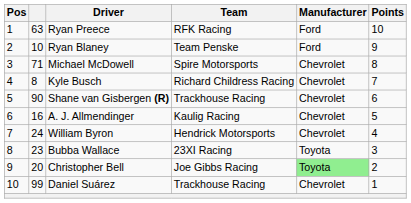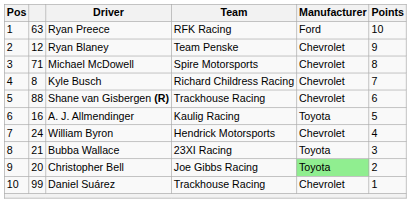 <table class="wikitable" style="font-size:98%">
 <tr>
 <th>Pos</th>
 <th></th>
 <th>Driver</th>
 <th>Team</th>
 <th>Manufacturer</th>
 <th>Points</th>
 </tr>
 <tr>
 <td>1</td>
 <td>63</td>
 <td>Ryan Preece</td>
 <td>RFK Racing</td>
 <td>Ford</td>
 <td>10</td>
 </tr>
 <tr>
 <td>2</td>
-<td>10</td>
+<td>12</td>
 <td>Ryan Blaney</td>
 <td>Team Penske</td>
-<td>Ford</td>
+<td>Chevrolet</td>
 <td>9</td>
 </tr>
 <tr>
 <td>3</td>
 <td>71</td>
 <td>Michael McDowell</td>
 <td>Spire Motorsports</td>
 <td>Chevrolet</td>
 <td>8</td>
 </tr>
 <tr>
 <td>4</td>
 <td>8</td>
 <td>Kyle Busch</td>
 <td>Richard Childress Racing</td>
 <td>Chevrolet</td>
 <td>7</td>
 </tr>
 <tr>
 <td>5</td>
-<td>90</td>
+<td>88</td>
 <td>Shane van Gisbergen <strong>(R)</strong></td>
 <td>Trackhouse Racing</td>
 <td>Chevrolet</td>
 <td>6</td>
 </tr>
 <tr>
 <td>6</td>
 <td>16</td>
 <td>A. J. Allmendinger</td>
 <td>Kaulig Racing</td>
-<td>Chevrolet</td>
+<td>Toyota</td>
 <td>5</td>
 </tr>
 <tr>
 <td>7</td>
 <td>24</td>
 <td>William Byron</td>
 <td>Hendrick Motorsports</td>
 <td>Chevrolet</td>
 <td>4</td>
 </tr>
 <tr>
 <td>8</td>
-<td>23</td>
+<td>21</td>
 <td>Bubba Wallace</td>
 <td>23XI Racing</td>
 <td>Toyota</td>
 <td>3</td>
 </tr>
 <tr>
 <td>9</td>
 <td>20</td>
 <td>Christopher Bell</td>
 <td>Joe Gibbs Racing</td>
 <td style="background: lightgreen;">Toyota</td>
 <td>2</td>
 </tr>
 <tr>
 <td>10</td>
 <td>99</td>
 <td>Daniel Suárez</td>
 <td>Trackhouse Racing</td>
 <td>Chevrolet</td>
 <td>1</td>
 </tr>
 <tr>
 <th colspan="6"></th>
 </tr>
 </table>
